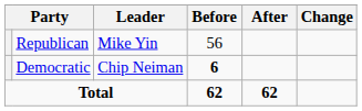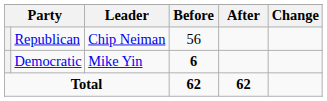 <table class="wikitable" style="text-align:center;">
 <tr>
 </tr>
 <tr>
 <th colspan="2">Party</th>
 <th>Leader</th>
 <th style="width:3em">Before</th>
 <th style="width:3em">After</th>
 <th style="width:3em">Change</th>
 </tr>
 <tr>
 <th style="background-color:"></th>
 <td style="text-align:left;"><a href='#'>Republican</a></td>
-<td style="text-align:left;"><a href='#'>Mike Yin</a></td>
+<td style="text-align:left;"><a href='#'>Chip Neiman</a></td>
 <td>56</td>
 <td></td>
 <td></td>
 </tr>
 <tr>
 <th style="background-color:"></th>
 <td style="text-align:left;"><a href='#'>Democratic</a></td>
-<td style="text-align:left;"><a href='#'>Chip Neiman</a></td>
+<td style="text-align:left;"><a href='#'>Mike Yin</a></td>
 <td><strong>6</strong></td>
 <td></td>
 <td></td>
 </tr>
 <tr>
 <td colspan="3"><strong>Total</strong></td>
 <td><strong>62</strong></td>
 <td><strong>62</strong></td>
 <td></td>
 </tr>
 </table>
